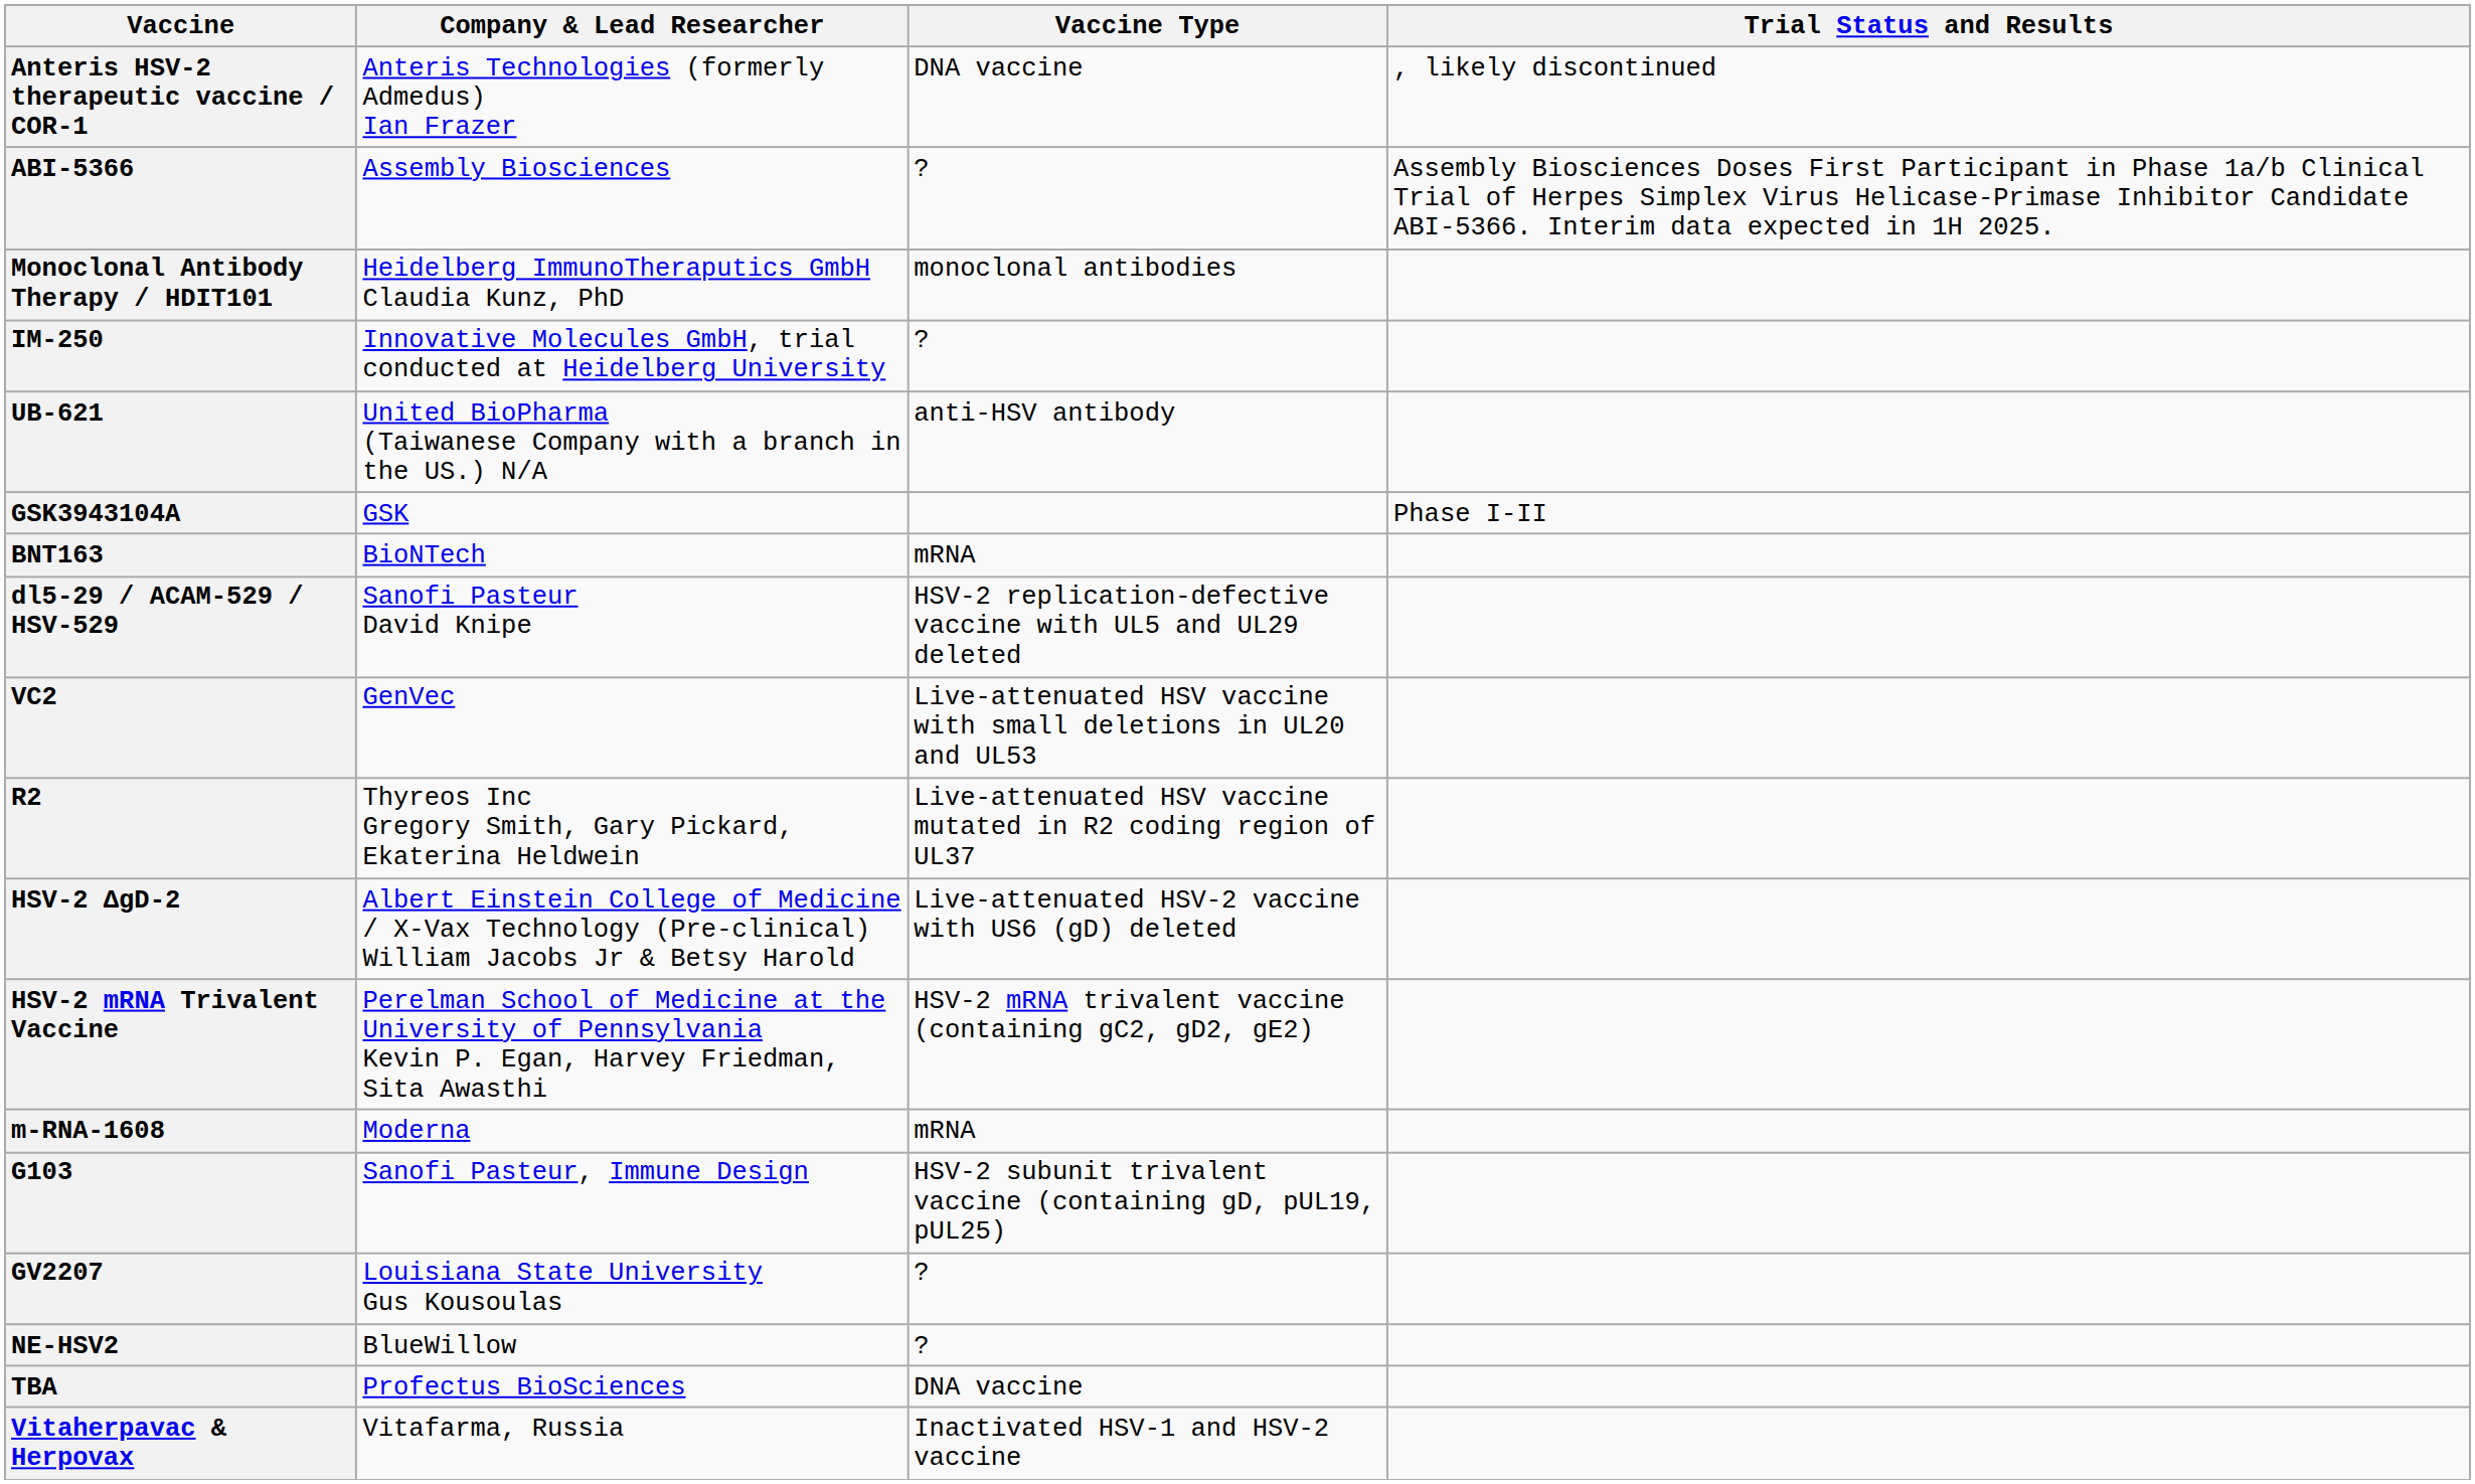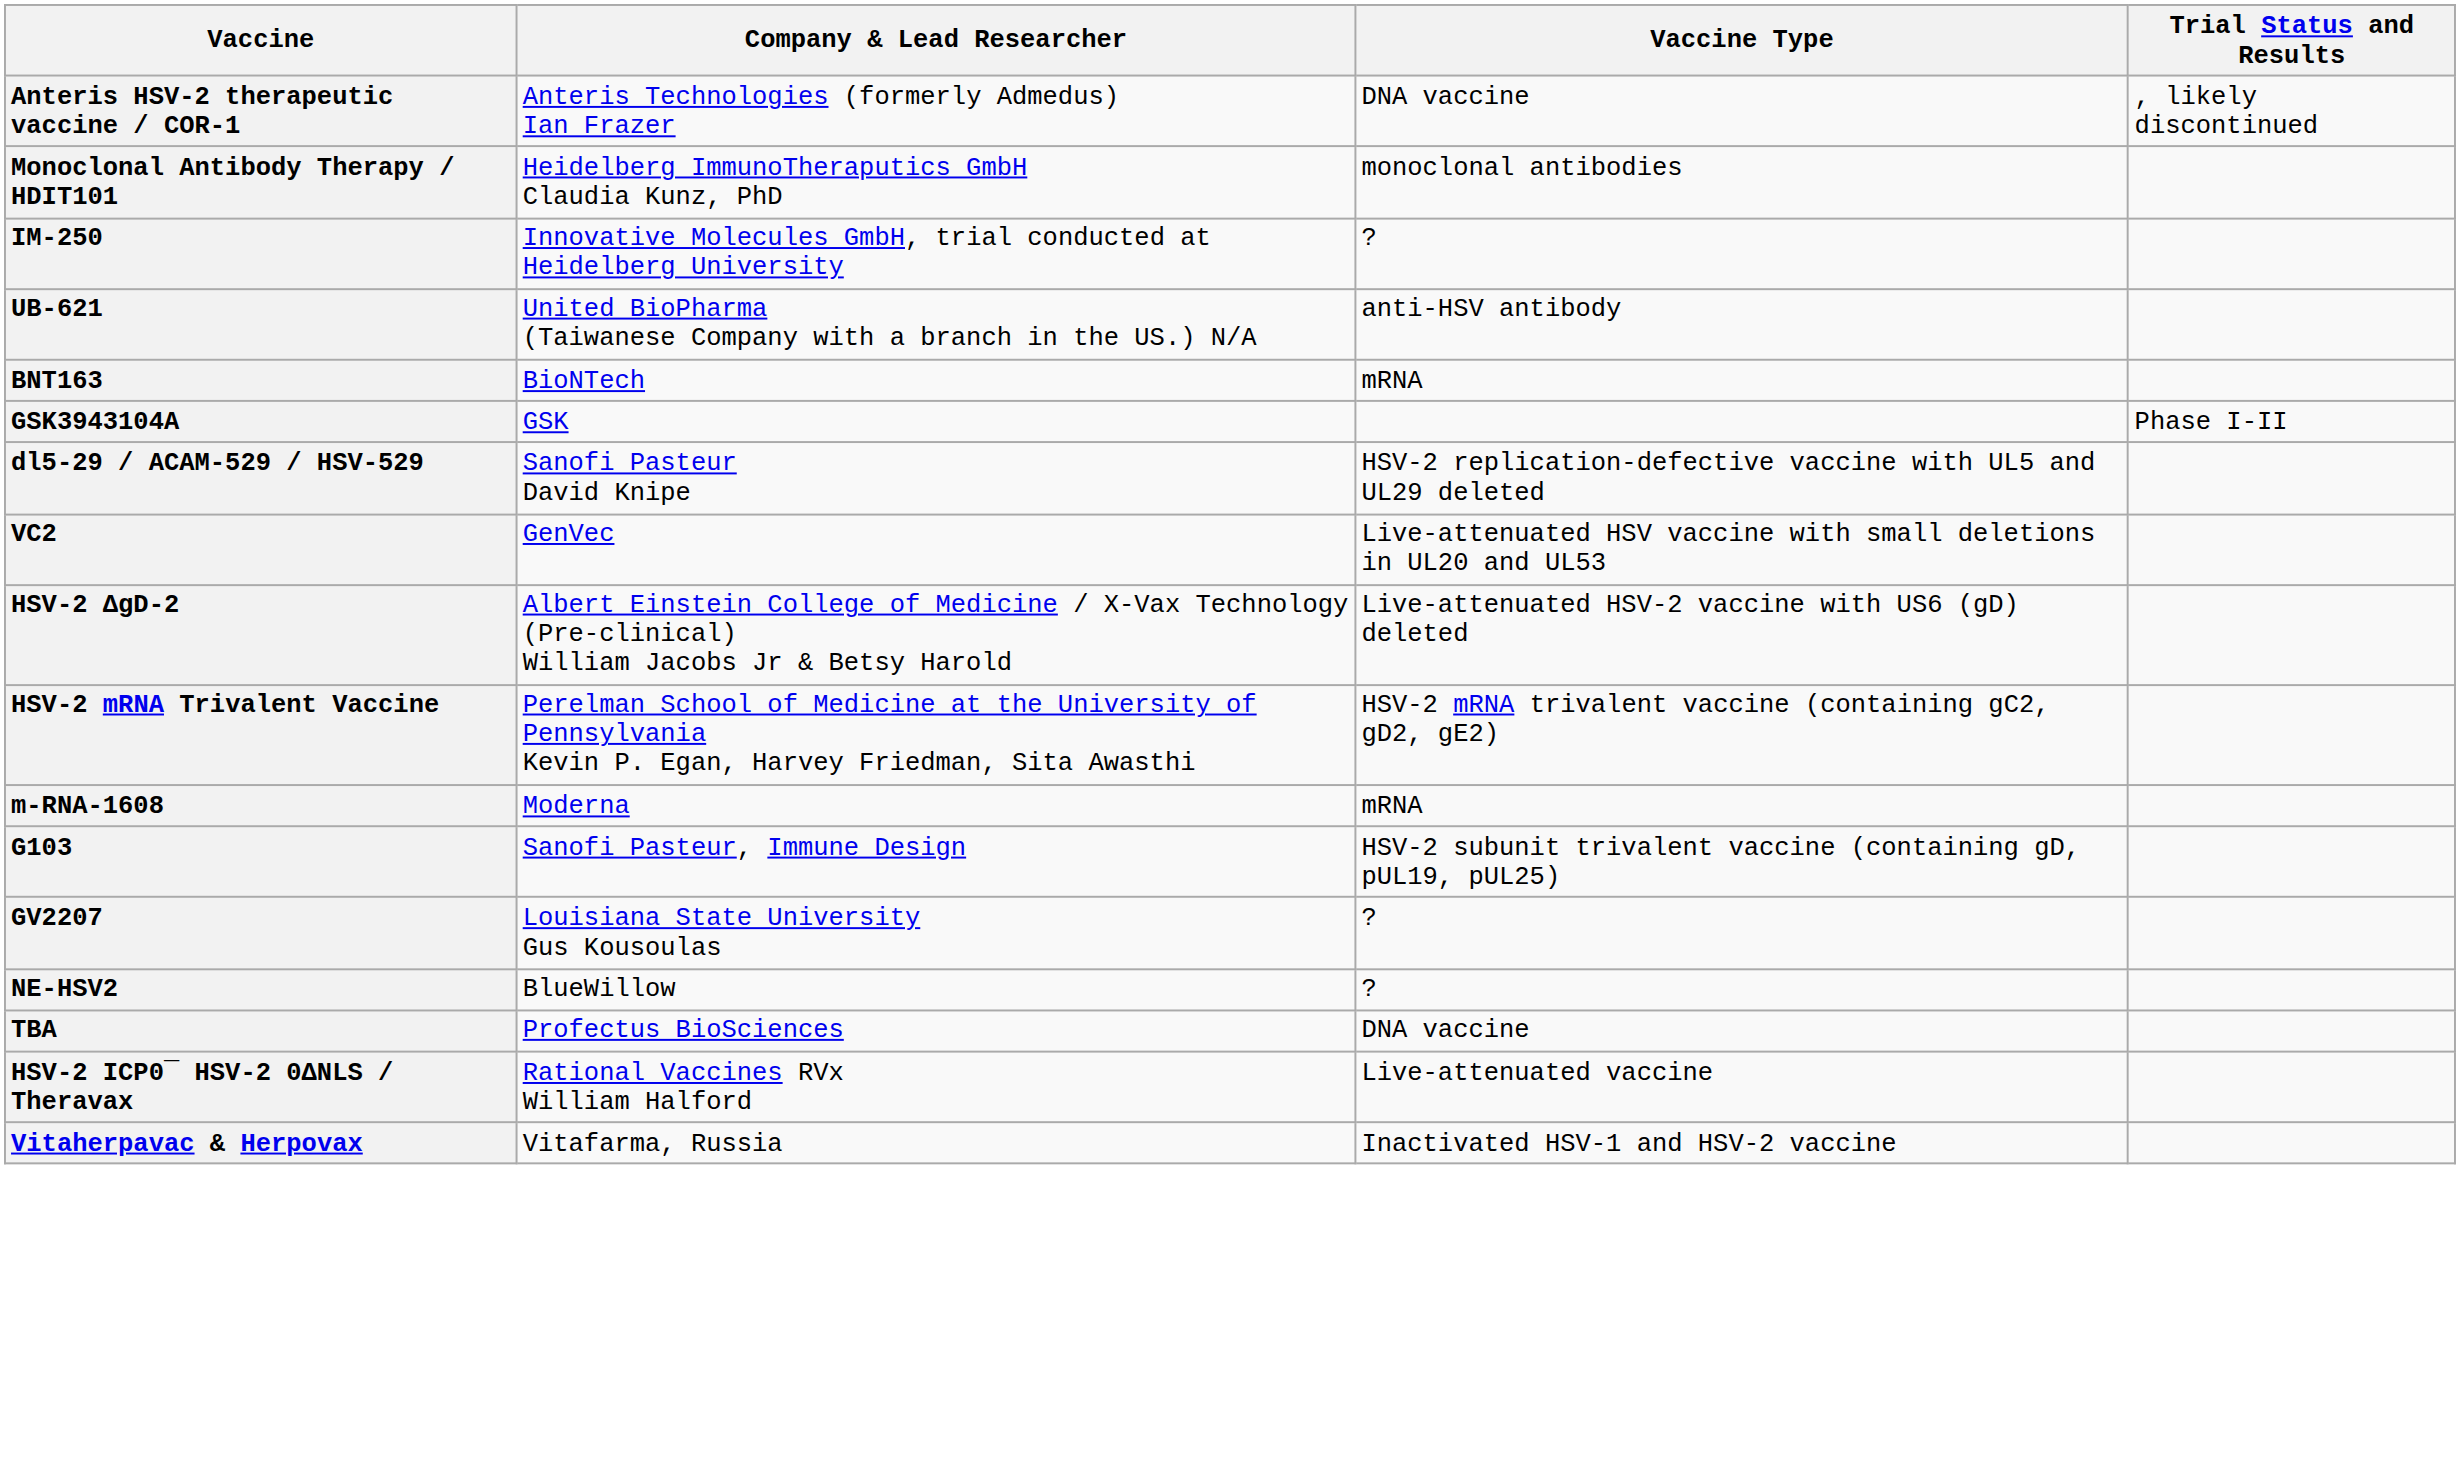 <table class="wikitable">
 <tr>
 <th>Vaccine</th>
 <th>Company & Lead Researcher</th>
 <th>Vaccine Type</th>
 <th>Trial <a href='#'>Status</a> and Results</th>
 </tr>
 <tr style="vertical-align:top;">
 <th style="text-align:left;">Anteris HSV-2 therapeutic vaccine / COR-1</th>
 <td><a href='#'>Anteris Technologies</a> (formerly Admedus)<br><a href='#'>Ian Frazer</a></td>
 <td>DNA vaccine</td>
 <td>, likely discontinued</td>
-</tr>
-<tr style="vertical-align:top;">
-<th style="text-align:left;">ABI-5366</th>
-<td><a href='#'>Assembly Biosciences</a></td>
-<td>?</td>
-<td> Assembly Biosciences Doses First Participant in Phase 1a/b Clinical Trial of Herpes Simplex Virus Helicase-Primase Inhibitor Candidate ABI-5366. Interim data expected in 1H 2025.</td>
 </tr>
 <tr style="vertical-align:top;">
 <th style="text-align:left;">Monoclonal Antibody Therapy / HDIT101</th>
 <td><a href='#'>Heidelberg ImmunoTheraputics GmbH</a><br>Claudia Kunz, PhD</td>
 <td>monoclonal antibodies</td>
 <td></td>
 </tr>
 <tr style="vertical-align:top;">
 <th style="text-align:left;">IM-250</th>
 <td><a href='#'>Innovative Molecules GmbH</a>, trial conducted at <a href='#'>Heidelberg University</a></td>
 <td>?</td>
 <td></td>
 </tr>
 <tr style="vertical-align:top;">
 <th style="text-align:left;">UB-621</th>
 <td><a href='#'>United BioPharma</a><br>(Taiwanese Company with a branch in the US.) N/A</td>
 <td>anti-HSV antibody</td>
 <td></td>
 </tr>
 <tr style="vertical-align:top;">
+<th style="text-align:left;">BNT163</th>
+<td><a href='#'>BioNTech</a></td>
+<td>mRNA</td>
+<td></td>
+</tr>
+<tr style="vertical-align:top;">
 <th style="text-align:left;">GSK3943104A</th>
 <td><a href='#'>GSK</a></td>
 <td></td>
 <td>Phase I-II</td>
-</tr>
-<tr style="vertical-align:top;">
-<th style="text-align:left;">BNT163</th>
-<td><a href='#'>BioNTech</a></td>
-<td>mRNA</td>
-<td></td>
 </tr>
 <tr style="vertical-align:top;">
 <th style="text-align:left;">dl5-29 / ACAM-529 / HSV-529</th>
 <td><a href='#'>Sanofi Pasteur</a><br>David Knipe</td>
 <td>HSV-2 replication-defective vaccine with UL5 and UL29 deleted</td>
 <td></td>
 </tr>
 <tr style="vertical-align:top;">
 <th style="text-align:left;">VC2</th>
 <td><a href='#'>GenVec</a></td>
 <td>Live-attenuated HSV vaccine with small deletions in UL20 and UL53</td>
-<td></td>
-</tr>
-<tr style="vertical-align:top;">
-<th style="text-align:left;">R2</th>
-<td>Thyreos Inc<br>Gregory Smith, Gary Pickard, Ekaterina Heldwein</td>
-<td>Live-attenuated HSV vaccine mutated in R2 coding region of UL37</td>
 <td></td>
 </tr>
 <tr style="vertical-align:top;">
 <th style="text-align:left;">HSV-2 ΔgD-2</th>
 <td><a href='#'>Albert Einstein College of Medicine</a> / X-Vax Technology (Pre-clinical)<br>William Jacobs Jr & Betsy Harold</td>
 <td>Live-attenuated HSV-2 vaccine with US6 (gD) deleted</td>
 <td></td>
 </tr>
 <tr style="vertical-align:top;">
 <th style="text-align:left;">HSV-2 <a href='#'>mRNA</a> Trivalent Vaccine</th>
 <td><a href='#'>Perelman School of Medicine at the University of Pennsylvania</a><br>Kevin P. Egan, Harvey Friedman, Sita Awasthi</td>
 <td>HSV-2 <a href='#'>mRNA</a> trivalent vaccine (containing gC2, gD2, gE2)</td>
 <td></td>
 </tr>
 <tr style="vertical-align:top;">
 <th style="text-align:left;">m-RNA-1608</th>
 <td><a href='#'>Moderna</a></td>
 <td>mRNA</td>
 <td></td>
 </tr>
 <tr style="vertical-align:top;">
 <th style="text-align:left;">G103</th>
 <td><a href='#'>Sanofi Pasteur</a>, <a href='#'>Immune Design</a></td>
 <td>HSV-2 subunit trivalent vaccine (containing gD, pUL19, pUL25)</td>
 <td></td>
 </tr>
 <tr style="vertical-align:top;">
 <th style="text-align:left;">GV2207</th>
 <td><a href='#'>Louisiana State University</a><br>Gus Kousoulas</td>
 <td>?</td>
 <td></td>
 </tr>
 <tr style="vertical-align:top;">
 <th style="text-align:left;">NE-HSV2</th>
 <td>BlueWillow</td>
 <td>?</td>
 <td></td>
 </tr>
 <tr style="vertical-align:top;">
 <th style="text-align:left;">TBA</th>
 <td><a href='#'>Profectus BioSciences</a></td>
 <td>DNA vaccine</td>
 <td></td>
 </tr>
 <tr style="vertical-align:top;">
+<th style="text-align:left;">HSV-2 ICP0‾ HSV-2 0ΔNLS / Theravax</th>
+<td><a href='#'>Rational Vaccines</a> RVx<br>William Halford</td>
+<td>Live-attenuated vaccine</td>
+<td></td>
+</tr>
+<tr style="vertical-align:top;">
 <th style="text-align:left;"><a href='#'>Vitaherpavac</a> & <a href='#'>Herpovax</a></th>
 <td>Vitafarma, Russia</td>
 <td>Inactivated HSV-1 and HSV-2 vaccine</td>
 <td></td>
 </tr>
 </table>
